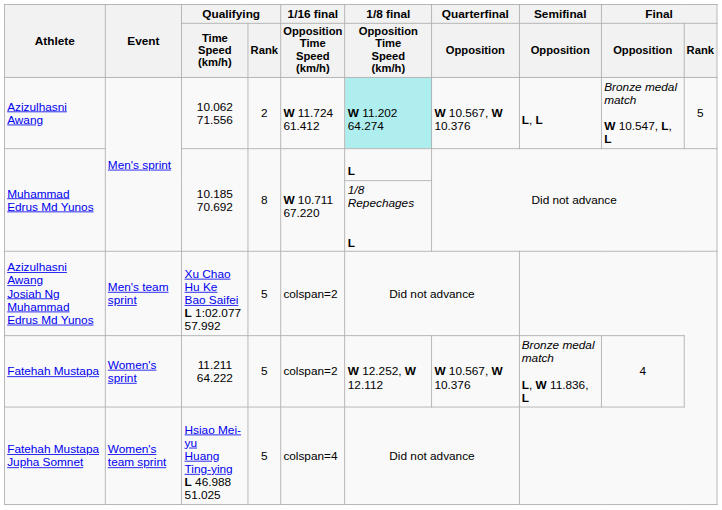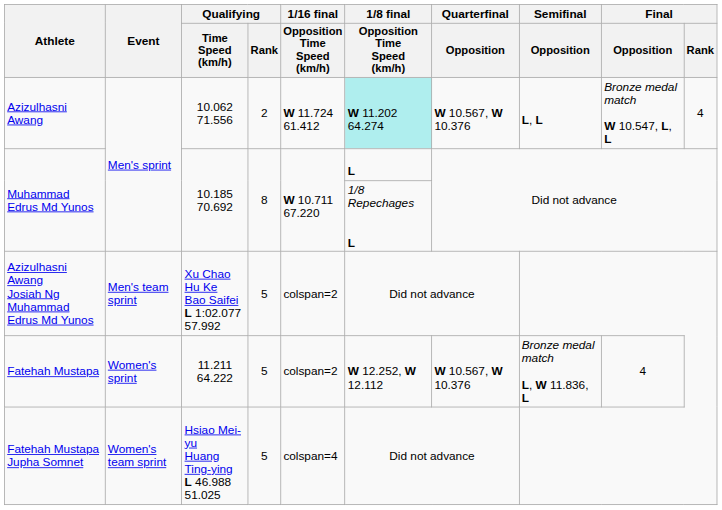 <table class=wikitable style="text-align:left; font-size:90%">
 <tr>
 <th rowspan=2 align=center>Athlete</th>
 <th rowspan=2 align=center>Event</th>
 <th colspan=2 align=center>Qualifying</th>
 <th align=center>1/16 final</th>
 <th align=center>1/8 final</th>
 <th align=center>Quarterfinal</th>
 <th align=center>Semifinal</th>
 <th colspan=2 align=center>Final</th>
 </tr>
 <tr style="font-size:95%">
 <th align=center>Time<br>Speed<br>(km/h)</th>
 <th align=center>Rank</th>
 <th align=center>Opposition<br>Time<br>Speed<br>(km/h)</th>
 <th align=center>Opposition<br>Time<br>Speed<br>(km/h)</th>
 <th align=center>Opposition</th>
 <th align=center>Opposition</th>
 <th align=center>Opposition</th>
 <th align=center>Rank</th>
 </tr>
 <tr>
 <td><a href='#'>Azizulhasni Awang</a></td>
 <td rowspan=3><a href='#'>Men's sprint</a></td>
 <td align=center>10.062<br>71.556</td>
 <td align=center>2 <strong></strong></td>
 <td><br><strong>W</strong> 11.724<br>61.412</td>
 <td style="background: paleturquoise;"><br><strong>W</strong> 11.202<br>64.274</td>
 <td><br><strong>W</strong> 10.567, <strong>W</strong> 10.376</td>
 <td><br><strong>L</strong>, <strong>L</strong></td>
 <td><em>Bronze medal match</em><br><br><strong>W</strong> 10.547, <strong>L</strong>, <strong>L</strong></td>
-<td align=center>5</td>
+<td align=center>4</td>
 </tr>
 <tr>
 <td rowspan=2><a href='#'>Muhammad Edrus Md Yunos</a></td>
 <td rowspan=2 align=center>10.185<br>70.692</td>
 <td rowspan=2 align=center>8 <strong></strong></td>
 <td rowspan=2><br><strong>W</strong> 10.711<br>67.220</td>
 <td><br><strong>L</strong></td>
 <td rowspan=2 colspan=4 align=center>Did not advance</td>
 </tr>
 <tr>
 <td><em>1/8 Repechages</em><br><br><br><strong>L</strong></td>
 </tr>
 <tr>
 <td><a href='#'>Azizulhasni Awang</a><br><a href='#'>Josiah Ng</a><br><a href='#'>Muhammad Edrus Md Yunos</a></td>
 <td><a href='#'>Men's team sprint</a></td>
 <td><br><a href='#'>Xu Chao</a><br><a href='#'>Hu Ke</a><br><a href='#'>Bao Saifei</a><br><strong>L</strong> 1:02.077<br>57.992</td>
 <td align=center>5</td>
 <td>colspan=2 </td>
 <td colspan=2 align=center>Did not advance</td>
 </tr>
 <tr>
 <td><a href='#'>Fatehah Mustapa</a></td>
 <td><a href='#'>Women's sprint</a></td>
 <td align=center>11.211<br>64.222</td>
 <td align=center>5 <strong></strong></td>
 <td>colspan=2 </td>
 <td><br><strong>W</strong> 12.252, <strong>W</strong> 12.112</td>
 <td><br><strong>W</strong> 10.567, <strong>W</strong> 10.376</td>
 <td><em>Bronze medal match</em><br><br><strong>L</strong>, <strong>W</strong> 11.836, <strong>L</strong></td>
 <td align=center>4</td>
 </tr>
 <tr>
 <td><a href='#'>Fatehah Mustapa</a><br><a href='#'>Jupha Somnet</a></td>
 <td><a href='#'>Women's team sprint</a></td>
 <td><br><a href='#'>Hsiao Mei-yu</a><br><a href='#'>Huang Ting-ying</a><br><strong>L</strong> 46.988<br>51.025</td>
 <td align=center>5</td>
 <td>colspan=4 </td>
 <td colspan=2 align=center>Did not advance</td>
 </tr>
 </table>
